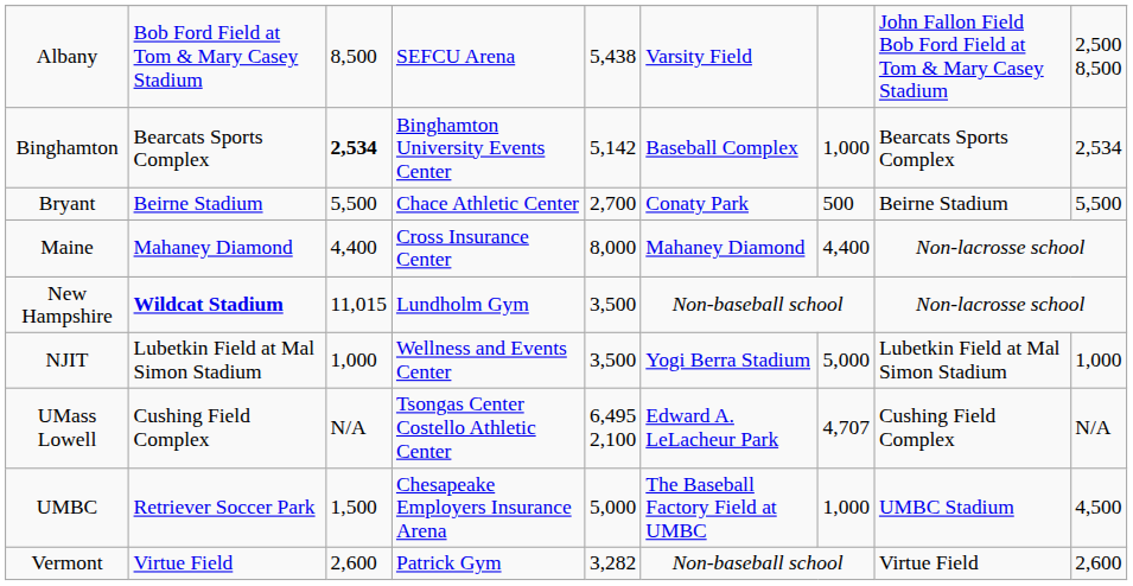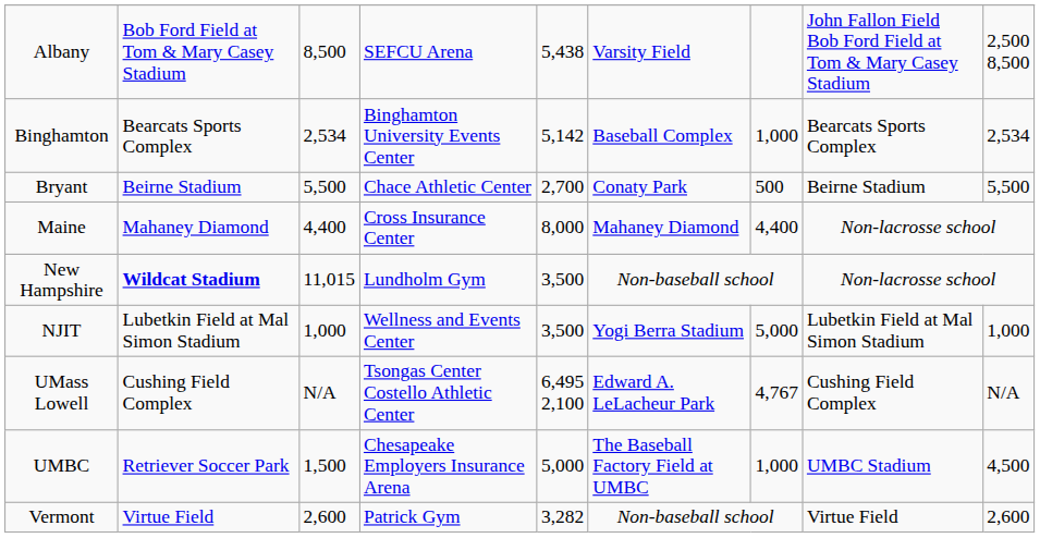 <table class="wikitable">
 <tr>
 </tr>
 <tr>
 <td style="text-align:center; ">Albany</td>
 <td><a href='#'>Bob Ford Field at Tom & Mary Casey Stadium</a></td>
 <td>8,500</td>
 <td><a href='#'>SEFCU Arena</a></td>
 <td>5,438</td>
 <td><a href='#'>Varsity Field</a></td>
 <td></td>
 <td><a href='#'>John Fallon Field</a> <br> <a href='#'>Bob Ford Field at Tom & Mary Casey Stadium</a></td>
 <td>2,500 <br> 8,500</td>
 </tr>
 <tr>
 <td style="text-align:center; ">Binghamton</td>
 <td>Bearcats Sports Complex</td>
-<td><strong>2,534</strong></td>
+<td>2,534</td>
 <td><a href='#'>Binghamton University Events Center</a></td>
 <td>5,142</td>
 <td><a href='#'>Baseball Complex</a></td>
 <td>1,000</td>
 <td>Bearcats Sports Complex</td>
 <td>2,534</td>
 </tr>
 <tr>
 <td style="text-align:center; ">Bryant</td>
 <td><a href='#'>Beirne Stadium</a></td>
 <td>5,500</td>
 <td><a href='#'>Chace Athletic Center</a></td>
 <td>2,700</td>
 <td><a href='#'>Conaty Park</a></td>
 <td>500</td>
 <td>Beirne Stadium</td>
 <td>5,500</td>
 </tr>
 <tr>
 <td style="text-align:center;">Maine</td>
 <td><a href='#'>Mahaney Diamond</a></td>
 <td>4,400</td>
 <td><a href='#'>Cross Insurance Center</a></td>
 <td>8,000</td>
 <td><a href='#'>Mahaney Diamond</a></td>
 <td>4,400</td>
 <td colspan=2 align=center><em>Non-lacrosse school</em></td>
 </tr>
 <tr>
 <td style="text-align:center; ">New Hampshire</td>
 <td><strong><a href='#'>Wildcat Stadium</a></strong></td>
 <td>11,015</td>
 <td><a href='#'>Lundholm Gym</a></td>
 <td>3,500</td>
 <td colspan=2 align=center><em>Non-baseball school</em></td>
 <td colspan=2 align=center><em>Non-lacrosse school</em></td>
 </tr>
 <tr>
 <td style="text-align:center; ">NJIT</td>
 <td>Lubetkin Field at Mal Simon Stadium</td>
 <td>1,000</td>
 <td><a href='#'>Wellness and Events Center</a></td>
 <td>3,500</td>
 <td><a href='#'>Yogi Berra Stadium</a></td>
 <td>5,000</td>
 <td>Lubetkin Field at Mal Simon Stadium</td>
 <td>1,000</td>
 </tr>
 <tr>
 <td style="text-align:center; ">UMass Lowell</td>
 <td>Cushing Field Complex</td>
 <td>N/A</td>
 <td><a href='#'>Tsongas Center</a><br><a href='#'>Costello Athletic Center</a></td>
 <td>6,495<br>2,100</td>
 <td><a href='#'>Edward A. LeLacheur Park</a></td>
-<td>4,707</td>
+<td>4,767</td>
 <td>Cushing Field Complex</td>
 <td>N/A</td>
 </tr>
 <tr>
 <td style="text-align:center; ">UMBC</td>
 <td><a href='#'>Retriever Soccer Park</a></td>
 <td>1,500</td>
 <td><a href='#'>Chesapeake Employers Insurance Arena</a></td>
 <td>5,000</td>
 <td><a href='#'>The Baseball Factory Field at UMBC</a></td>
 <td>1,000</td>
 <td><a href='#'>UMBC Stadium</a></td>
 <td>4,500</td>
 </tr>
 <tr>
 <td style="text-align:center; ">Vermont</td>
 <td><a href='#'>Virtue Field</a></td>
 <td>2,600</td>
 <td><a href='#'>Patrick Gym</a></td>
 <td>3,282</td>
 <td colspan=2 align=center><em>Non-baseball school</em></td>
 <td>Virtue Field</td>
 <td>2,600</td>
 </tr>
 </table>
